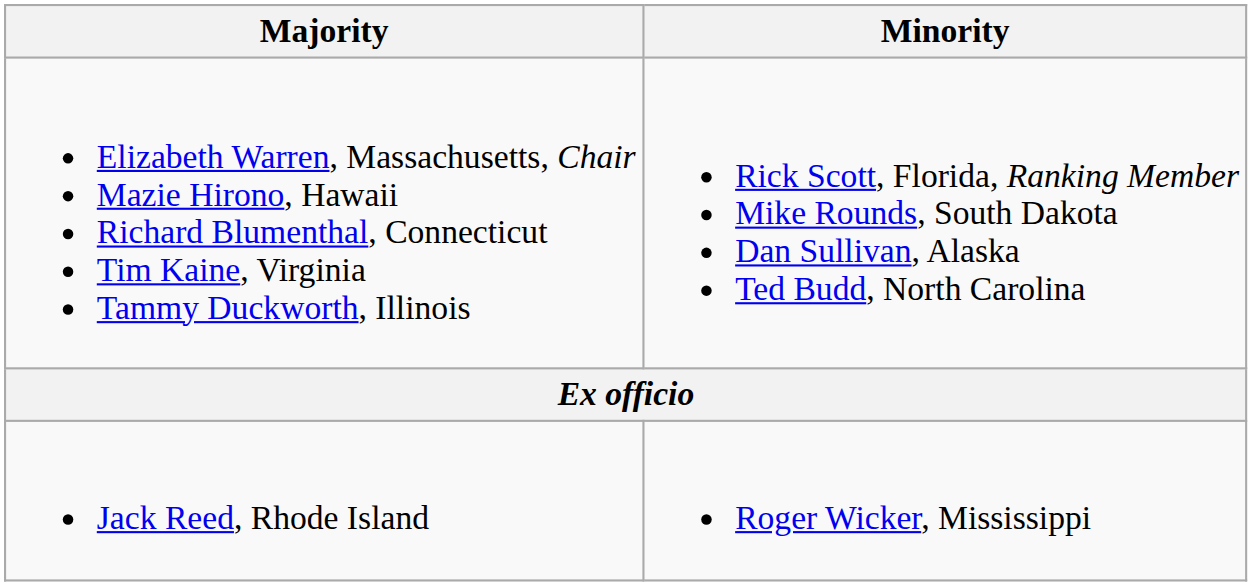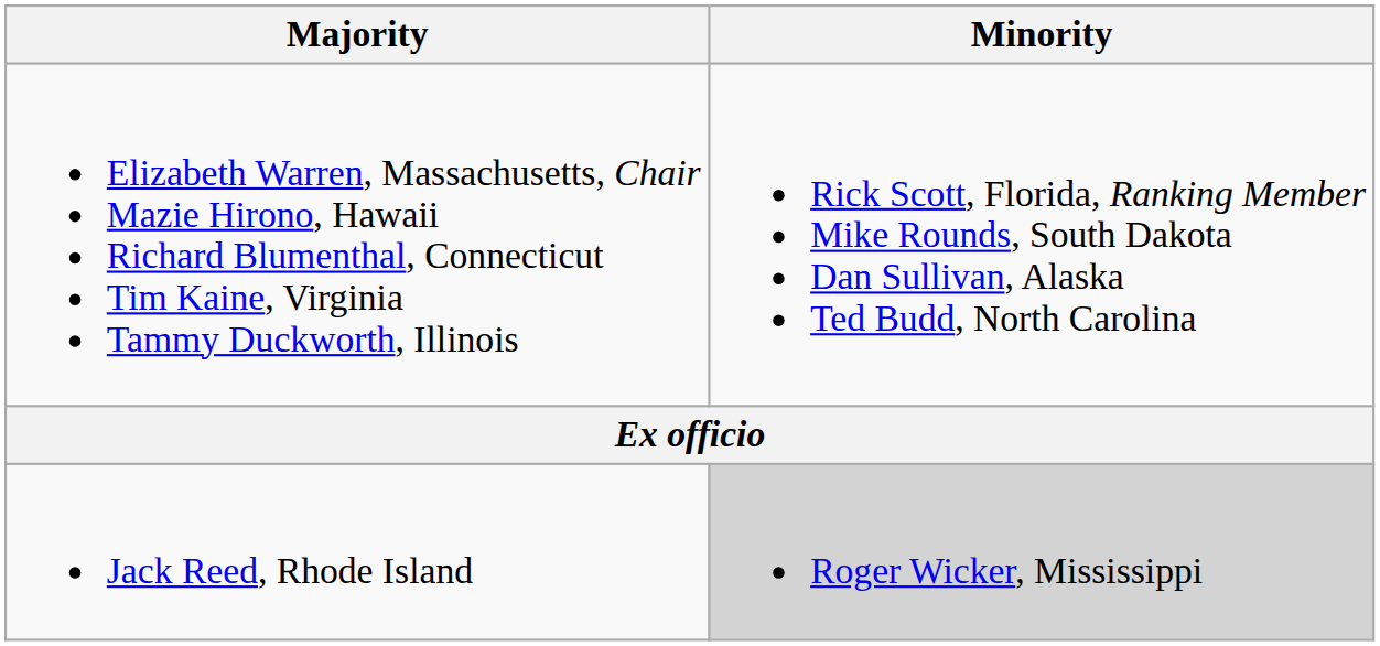 <table class=wikitable>
 <tr>
 <th>Majority</th>
 <th>Minority</th>
 </tr>
 <tr>
 <td><br><ul><li><a href='#'>Elizabeth Warren</a>, Massachusetts, <em>Chair</em></li><li><a href='#'>Mazie Hirono</a>, Hawaii</li><li><a href='#'>Richard Blumenthal</a>, Connecticut</li><li><a href='#'>Tim Kaine</a>, Virginia</li><li><a href='#'>Tammy Duckworth</a>, Illinois</li></ul></td>
 <td><br><ul><li><a href='#'>Rick Scott</a>, Florida, <em>Ranking Member</em></li><li><a href='#'>Mike Rounds</a>, South Dakota</li><li><a href='#'>Dan Sullivan</a>, Alaska</li><li><a href='#'>Ted Budd</a>, North Carolina</li></ul></td>
 </tr>
 <tr>
 <th colspan=2><em>Ex officio</em></th>
 </tr>
 <tr>
 <td><br><ul><li><a href='#'>Jack Reed</a>, Rhode Island</li></ul></td>
-<td><br><ul><li><a href='#'>Roger Wicker</a>, Mississippi</li></ul></td>
+<td style="background: lightgrey;"><br><ul><li><a href='#'>Roger Wicker</a>, Mississippi</li></ul></td>
 </tr>
 </table>
